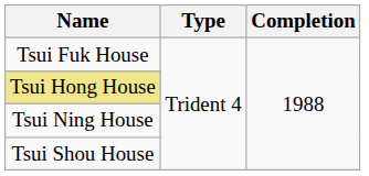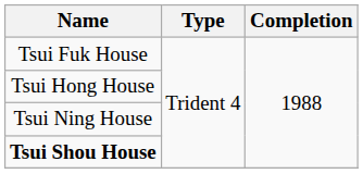 <table class="wikitable" style="text-align: center">
 <tr>
 <th>Name</th>
 <th>Type</th>
 <th>Completion</th>
 </tr>
 <tr>
 <td>Tsui Fuk House</td>
 <td rowspan="4">Trident 4</td>
 <td rowspan="4">1988</td>
 </tr>
 <tr>
-<td style="background: khaki;">Tsui Hong House</td>
+<td>Tsui Hong House</td>
 </tr>
 <tr>
 <td>Tsui Ning House</td>
 </tr>
 <tr>
-<td>Tsui Shou House</td>
+<td><strong>Tsui Shou House</strong></td>
 </tr>
 <tr>
 </tr>
 </table>
